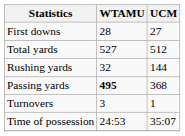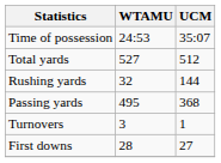 <table class="wikitable">
 <tr>
 <th>Statistics</th>
 <th>WTAMU</th>
 <th>UCM</th>
 </tr>
 <tr>
-<td>First downs</td>
-<td>28</td>
-<td>27</td>
+<td>Time of possession</td>
+<td>24:53</td>
+<td>35:07</td>
 </tr>
 <tr>
 <td>Total yards</td>
 <td>527</td>
 <td>512</td>
 </tr>
 <tr>
 <td>Rushing yards</td>
 <td>32</td>
 <td>144</td>
 </tr>
 <tr>
 <td>Passing yards</td>
-<td><strong>495</strong></td>
+<td>495</td>
 <td>368</td>
 </tr>
 <tr>
 <td>Turnovers</td>
 <td>3</td>
 <td>1</td>
 </tr>
 <tr>
-<td>Time of possession</td>
-<td>24:53</td>
-<td>35:07</td>
+<td>First downs</td>
+<td>28</td>
+<td>27</td>
 </tr>
 <tr>
 </tr>
 </table>
